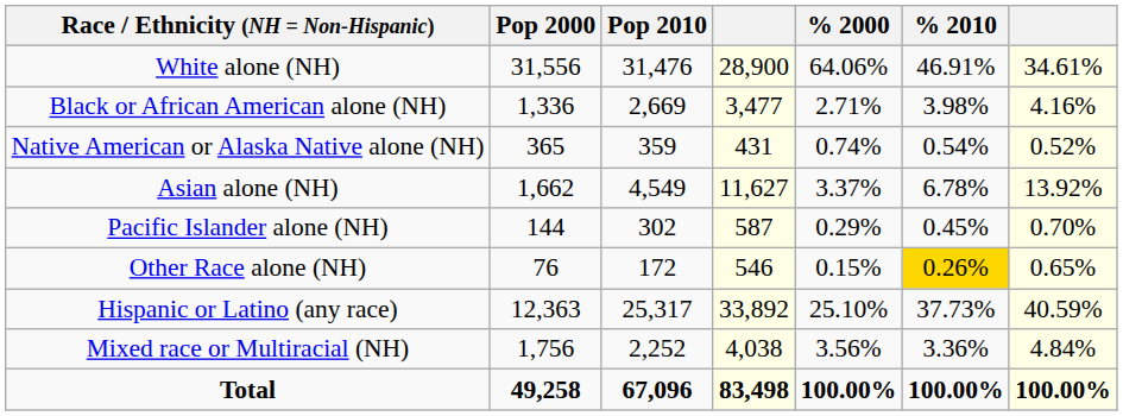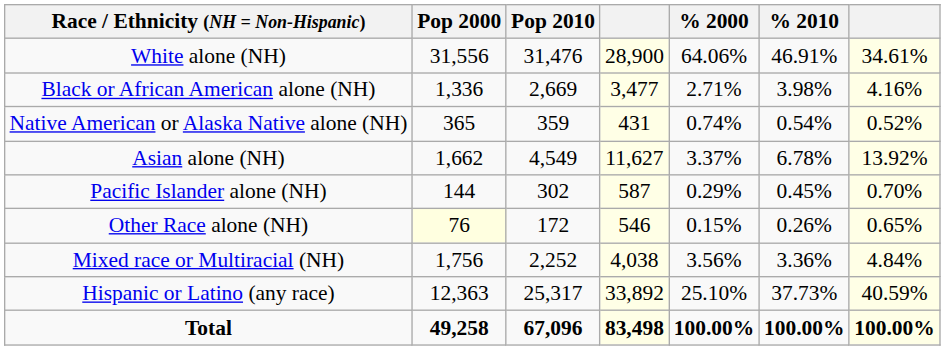 <table class="wikitable" style="text-align:center;">
 <tr>
 <th>Race / Ethnicity <small>(<em>NH = Non-Hispanic</em>)</small></th>
 <th>Pop 2000</th>
 <th>Pop 2010</th>
 <th></th>
 <th>% 2000</th>
 <th>% 2010</th>
 <th></th>
 </tr>
 <tr>
 <td><a href='#'>White</a> alone (NH)</td>
 <td>31,556</td>
 <td>31,476</td>
 <td style='background: #ffffe6;'>28,900</td>
 <td>64.06%</td>
 <td>46.91%</td>
 <td style='background: #ffffe6;'>34.61%</td>
 </tr>
 <tr>
 <td><a href='#'>Black or African American</a> alone (NH)</td>
 <td>1,336</td>
 <td>2,669</td>
 <td style='background: #ffffe6;'>3,477</td>
 <td>2.71%</td>
 <td>3.98%</td>
 <td style='background: #ffffe6;'>4.16%</td>
 </tr>
 <tr>
 <td><a href='#'>Native American</a> or <a href='#'>Alaska Native</a> alone (NH)</td>
 <td>365</td>
 <td>359</td>
 <td style='background: #ffffe6;'>431</td>
 <td>0.74%</td>
 <td>0.54%</td>
 <td style='background: #ffffe6;'>0.52%</td>
 </tr>
 <tr>
 <td><a href='#'>Asian</a> alone (NH)</td>
 <td>1,662</td>
 <td>4,549</td>
 <td style='background: #ffffe6;'>11,627</td>
 <td>3.37%</td>
 <td>6.78%</td>
 <td style='background: #ffffe6;'>13.92%</td>
 </tr>
 <tr>
 <td><a href='#'>Pacific Islander</a> alone (NH)</td>
 <td>144</td>
 <td>302</td>
 <td style='background: #ffffe6;'>587</td>
 <td>0.29%</td>
 <td>0.45%</td>
 <td style='background: #ffffe6;'>0.70%</td>
 </tr>
 <tr>
 <td><a href='#'>Other Race</a> alone (NH)</td>
-<td>76</td>
+<td style="background: lightyellow;">76</td>
 <td>172</td>
 <td style='background: #ffffe6;'>546</td>
 <td>0.15%</td>
-<td style="background: gold;">0.26%</td>
+<td>0.26%</td>
 <td style='background: #ffffe6;'>0.65%</td>
+</tr>
+<tr>
+<td><a href='#'>Mixed race or Multiracial</a> (NH)</td>
+<td>1,756</td>
+<td>2,252</td>
+<td style='background: #ffffe6;'>4,038</td>
+<td>3.56%</td>
+<td>3.36%</td>
+<td style='background: #ffffe6;'>4.84%</td>
 </tr>
 <tr>
 <td><a href='#'>Hispanic or Latino</a> (any race)</td>
 <td>12,363</td>
 <td>25,317</td>
 <td style='background: #ffffe6;'>33,892</td>
 <td>25.10%</td>
 <td>37.73%</td>
 <td style='background: #ffffe6;'>40.59%</td>
 </tr>
 <tr>
-<td><a href='#'>Mixed race or Multiracial</a> (NH)</td>
-<td>1,756</td>
-<td>2,252</td>
-<td style='background: #ffffe6;'>4,038</td>
-<td>3.56%</td>
-<td>3.36%</td>
-<td style='background: #ffffe6;'>4.84%</td>
-</tr>
-<tr>
 <td><strong>Total</strong></td>
 <td><strong>49,258</strong></td>
 <td><strong>67,096</strong></td>
 <td style='background: #ffffe6;'><strong>83,498</strong></td>
 <td><strong>100.00%</strong></td>
 <td><strong>100.00%</strong></td>
 <td style='background: #ffffe6;'><strong>100.00%</strong></td>
 </tr>
 </table>
